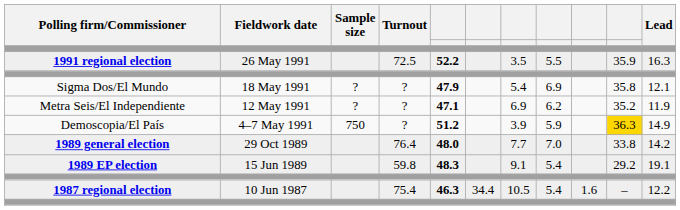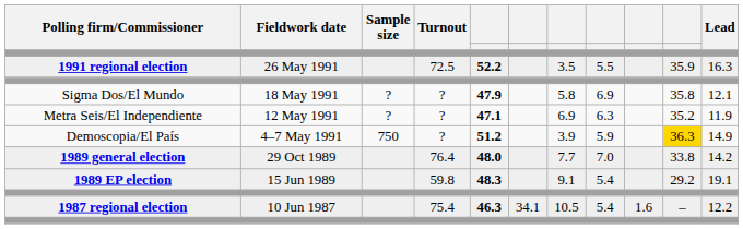 <table class="wikitable collapsible collapsed" style="text-align:center; font-size:95%; line-height:16px;">
 <tr style="height:42px;">
 <th style="width:250px;" rowspan="2">Polling firm/Commissioner</th>
 <th style="width:125px;" rowspan="2">Fieldwork date</th>
 <th style="width:50px;" rowspan="2">Sample size</th>
 <th style="width:45px;" rowspan="2">Turnout</th>
 <th style="width:35px;"></th>
 <th style="width:35px;"></th>
 <th style="width:35px;"></th>
 <th style="width:35px;"></th>
 <th style="width:35px;"></th>
 <th style="width:35px;"></th>
 <th style="width:30px;" rowspan="2">Lead</th>
 </tr>
 <tr>
 <th style="color:inherit;background:"></th>
 <th style="color:inherit;background:"></th>
 <th style="color:inherit;background:"></th>
 <th style="color:inherit;background:"></th>
 <th style="color:inherit;background:"></th>
 <th style="color:inherit;background:"></th>
 </tr>
 <tr>
 <td colspan="11" style="background:#A0A0A0"></td>
 </tr>
 <tr style="background:#EFEFEF;">
 <td><strong><a href='#'>1991 regional election</a></strong></td>
 <td>26 May 1991</td>
 <td></td>
 <td>72.5</td>
 <td><strong>52.2</strong><br></td>
 <td></td>
 <td>3.5<br></td>
 <td>5.5<br></td>
 <td></td>
 <td>35.9<br></td>
 <td style="background:">16.3</td>
 </tr>
 <tr>
 <td colspan="11" style="background:#A0A0A0"></td>
 </tr>
 <tr>
 <td>Sigma Dos/El Mundo</td>
 <td>18 May 1991</td>
 <td>?</td>
 <td>?</td>
 <td><strong>47.9</strong><br></td>
 <td></td>
-<td>5.4<br></td>
+<td>5.8<br></td>
 <td>6.9<br></td>
 <td></td>
 <td>35.8<br></td>
 <td style="background:">12.1</td>
 </tr>
 <tr>
 <td>Metra Seis/El Independiente</td>
 <td>12 May 1991</td>
 <td>?</td>
 <td>?</td>
 <td><strong>47.1</strong><br></td>
 <td></td>
 <td>6.9<br></td>
-<td>6.2<br></td>
+<td>6.3<br></td>
 <td></td>
 <td>35.2<br></td>
 <td style="background:">11.9</td>
 </tr>
 <tr>
 <td>Demoscopia/El País</td>
 <td>4–7 May 1991</td>
 <td>750</td>
 <td>?</td>
 <td><strong>51.2</strong><br></td>
 <td></td>
 <td>3.9<br></td>
 <td>5.9<br></td>
 <td></td>
 <td style="background: gold;">36.3<br></td>
 <td style="background:">14.9</td>
 </tr>
 <tr style="background:#EFEFEF;">
 <td><strong><a href='#'>1989 general election</a></strong></td>
 <td>29 Oct 1989</td>
 <td></td>
 <td>76.4</td>
 <td><strong>48.0</strong><br></td>
 <td></td>
 <td>7.7<br></td>
 <td>7.0<br></td>
 <td></td>
 <td>33.8<br></td>
 <td style="background:">14.2</td>
 </tr>
 <tr style="background:#EFEFEF;">
 <td><strong><a href='#'>1989 EP election</a></strong></td>
 <td>15 Jun 1989</td>
 <td></td>
 <td>59.8</td>
 <td><strong>48.3</strong><br></td>
 <td></td>
 <td>9.1<br></td>
 <td>5.4<br></td>
 <td></td>
 <td>29.2<br></td>
 <td style="background:">19.1</td>
 </tr>
 <tr>
 <td colspan="11" style="background:#A0A0A0"></td>
 </tr>
 <tr style="background:#EFEFEF;">
 <td><strong><a href='#'>1987 regional election</a></strong></td>
 <td>10 Jun 1987</td>
 <td></td>
 <td>75.4</td>
 <td><strong>46.3</strong><br></td>
-<td>34.4<br></td>
+<td>34.1<br></td>
 <td>10.5<br></td>
 <td>5.4<br></td>
 <td>1.6<br></td>
 <td>–</td>
 <td style="background:">12.2</td>
 </tr>
 <tr>
 <td colspan="11" style="background:#A0A0A0"></td>
 </tr>
 </table>
